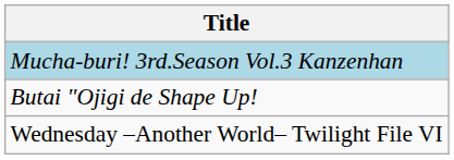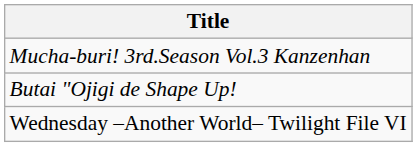 <table class="wikitable">
 <tr>
 <th>Title</th>
 </tr>
 <tr>
-<td style="background: lightblue;"><em>Mucha-buri! 3rd.Season Vol.3 Kanzenhan</em></td>
+<td><em>Mucha-buri! 3rd.Season Vol.3 Kanzenhan</em></td>
 </tr>
 <tr>
 <td><em>Butai "Ojigi de Shape Up!<strong></td>
 </tr>
 <tr>
 <td></em>Wednesday –Another World– Twilight File VI<em></td>
 </tr>
 </table>
